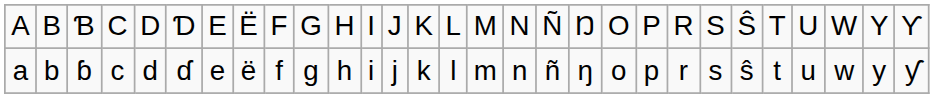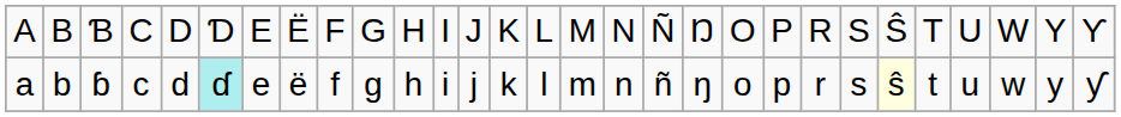 <table class="wikitable" style="text-align: center; vertical-align: middle;">
 <tr ---->
 <td>A</td>
 <td>B</td>
 <td>Ɓ</td>
 <td>C</td>
 <td>D</td>
 <td>Ɗ</td>
 <td>E</td>
 <td>Ë</td>
 <td>F</td>
 <td>G</td>
 <td>H</td>
 <td>I</td>
 <td>J</td>
 <td>K</td>
 <td>L</td>
 <td>M</td>
 <td>N</td>
 <td>Ñ</td>
 <td>Ŋ</td>
 <td>O</td>
 <td>P</td>
 <td>R</td>
 <td>S</td>
 <td>Ŝ</td>
 <td>T</td>
 <td>U</td>
 <td>W</td>
 <td>Y</td>
 <td>Ƴ</td>
 </tr>
 <tr ---->
 <td>a</td>
 <td>b</td>
 <td>ɓ</td>
 <td>c</td>
 <td>d</td>
-<td>ɗ</td>
+<td style="background: paleturquoise;">ɗ</td>
 <td>e</td>
 <td>ë</td>
 <td>f</td>
 <td>g</td>
 <td>h</td>
 <td>i</td>
 <td>j</td>
 <td>k</td>
 <td>l</td>
 <td>m</td>
 <td>n</td>
 <td>ñ</td>
 <td>ŋ</td>
 <td>o</td>
 <td>p</td>
 <td>r</td>
 <td>s</td>
-<td>ŝ</td>
+<td style="background: lightyellow;">ŝ</td>
 <td>t</td>
 <td>u</td>
 <td>w</td>
 <td>y</td>
 <td>ƴ</td>
 </tr>
 </table>
